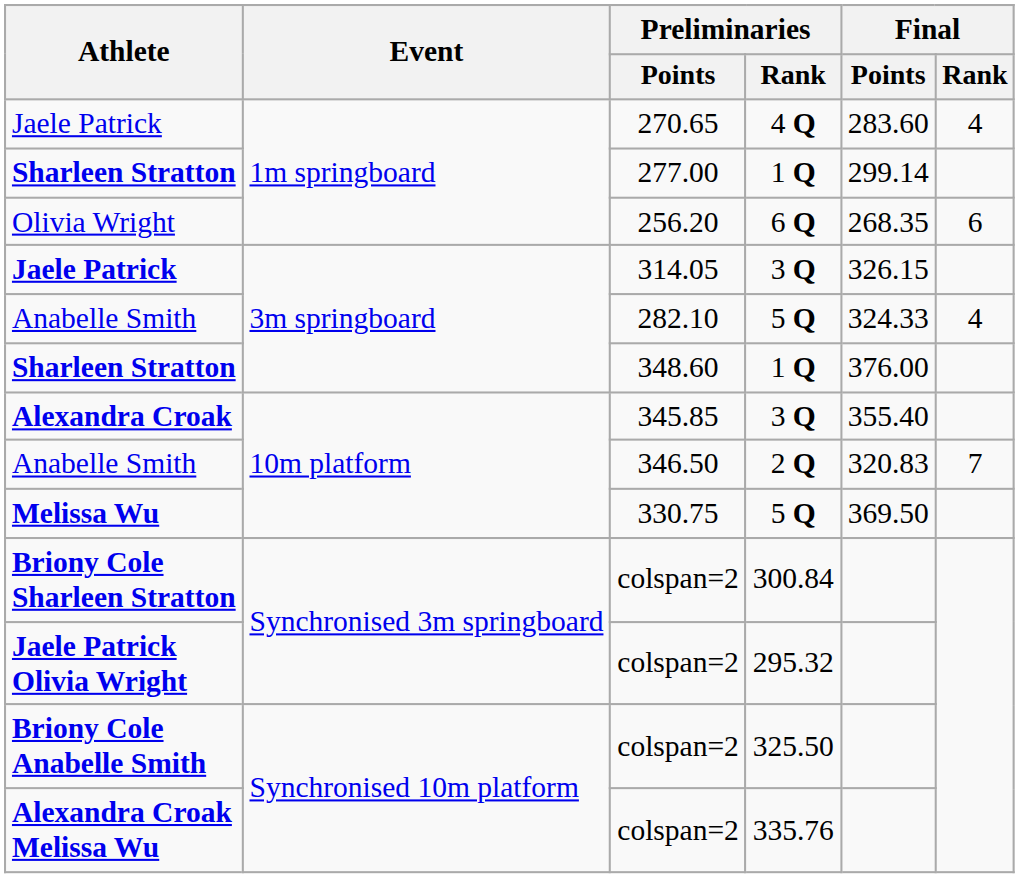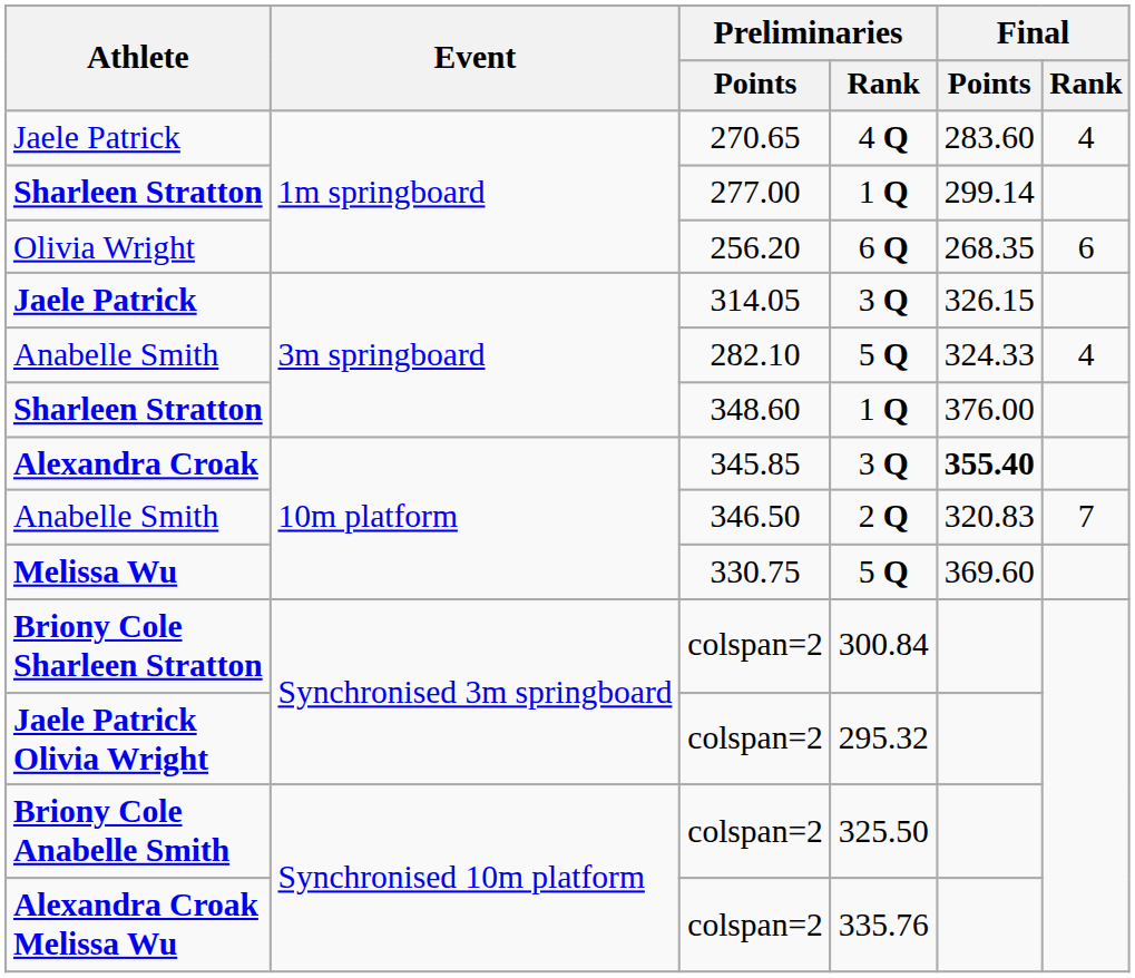 <table class=wikitable style="font-size:90%">
 <tr>
 <th rowspan="2">Athlete</th>
 <th rowspan="2">Event</th>
 <th colspan="2">Preliminaries</th>
 <th colspan="2">Final</th>
 </tr>
 <tr style="font-size:95%">
 <th>Points</th>
 <th>Rank</th>
 <th>Points</th>
 <th>Rank</th>
 </tr>
 <tr align=center>
 <td align=left><a href='#'>Jaele Patrick</a></td>
 <td align=left rowspan=3><a href='#'>1m springboard</a></td>
 <td>270.65</td>
 <td>4 <strong>Q</strong></td>
 <td>283.60</td>
 <td>4</td>
 </tr>
 <tr align=center>
 <td align=left><strong><a href='#'>Sharleen Stratton</a></strong></td>
 <td>277.00</td>
 <td>1 <strong>Q</strong></td>
 <td>299.14</td>
 <td></td>
 </tr>
 <tr align=center>
 <td align=left><a href='#'>Olivia Wright</a></td>
 <td>256.20</td>
 <td>6 <strong>Q</strong></td>
 <td>268.35</td>
 <td>6</td>
 </tr>
 <tr align=center>
 <td align=left><strong><a href='#'>Jaele Patrick</a></strong></td>
 <td align=left rowspan=3><a href='#'>3m springboard</a></td>
 <td>314.05</td>
 <td>3 <strong>Q</strong></td>
 <td>326.15</td>
 <td></td>
 </tr>
 <tr align=center>
 <td align=left><a href='#'>Anabelle Smith</a></td>
 <td>282.10</td>
 <td>5 <strong>Q</strong></td>
 <td>324.33</td>
 <td>4</td>
 </tr>
 <tr align=center>
 <td align=left><strong><a href='#'>Sharleen Stratton</a></strong></td>
 <td>348.60</td>
 <td>1 <strong>Q</strong></td>
 <td>376.00</td>
 <td></td>
 </tr>
 <tr align=center>
 <td align=left><strong><a href='#'>Alexandra Croak</a></strong></td>
 <td align=left rowspan=3><a href='#'>10m platform</a></td>
 <td>345.85</td>
 <td>3 <strong>Q</strong></td>
-<td>355.40</td>
+<td><strong>355.40</strong></td>
 <td></td>
 </tr>
 <tr align=center>
 <td align=left><a href='#'>Anabelle Smith</a></td>
 <td>346.50</td>
 <td>2 <strong>Q</strong></td>
 <td>320.83</td>
 <td>7</td>
 </tr>
 <tr align=center>
 <td align=left><strong><a href='#'>Melissa Wu</a></strong></td>
 <td>330.75</td>
 <td>5 <strong>Q</strong></td>
-<td>369.50</td>
+<td>369.60</td>
 <td></td>
 </tr>
 <tr align=center>
 <td align=left><strong><a href='#'>Briony Cole</a><br><a href='#'>Sharleen Stratton</a></strong></td>
 <td align=left rowspan=2><a href='#'>Synchronised 3m springboard</a></td>
 <td>colspan=2 </td>
 <td>300.84</td>
 <td></td>
 </tr>
 <tr align=center>
 <td align=left><strong><a href='#'>Jaele Patrick</a><br><a href='#'>Olivia Wright</a></strong></td>
 <td>colspan=2 </td>
 <td>295.32</td>
 <td></td>
 </tr>
 <tr align=center>
 <td align=left><strong><a href='#'>Briony Cole</a><br><a href='#'>Anabelle Smith</a></strong></td>
 <td align=left rowspan=2><a href='#'>Synchronised 10m platform</a></td>
 <td>colspan=2 </td>
 <td>325.50</td>
 <td></td>
 </tr>
 <tr align=center>
 <td align=left><strong><a href='#'>Alexandra Croak</a><br><a href='#'>Melissa Wu</a></strong></td>
 <td>colspan=2 </td>
 <td>335.76</td>
 <td></td>
 </tr>
 </table>
